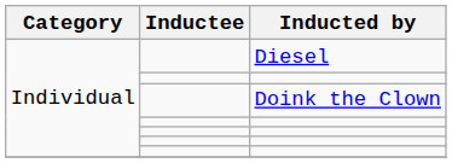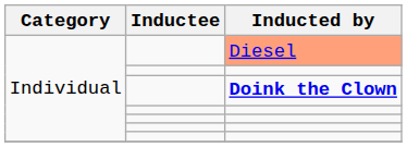 <table class="wikitable">
 <tr>
 <th>Category</th>
 <th>Inductee</th>
 <th>Inducted by</th>
 </tr>
 <tr>
 <td rowspan="7">Individual</td>
 <td></td>
-<td><a href='#'>Diesel</a></td>
+<td style="background: lightsalmon;"><a href='#'>Diesel</a></td>
 </tr>
 <tr>
 <td></td>
 <td></td>
 </tr>
 <tr>
 <td></td>
-<td><a href='#'>Doink the Clown</a></td>
+<td><strong><a href='#'>Doink the Clown</a></strong></td>
 </tr>
 <tr>
 <td></td>
 <td></td>
 </tr>
 <tr>
 <td></td>
 <td></td>
 </tr>
 <tr>
 <td></td>
 <td></td>
 </tr>
 <tr>
 <td></td>
 <td></td>
 </tr>
 <tr>
 </tr>
 </table>
